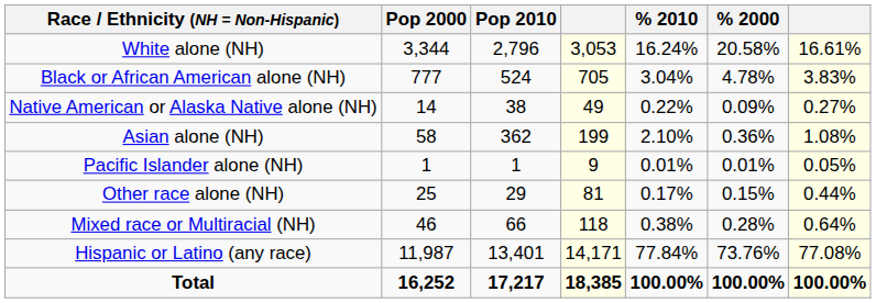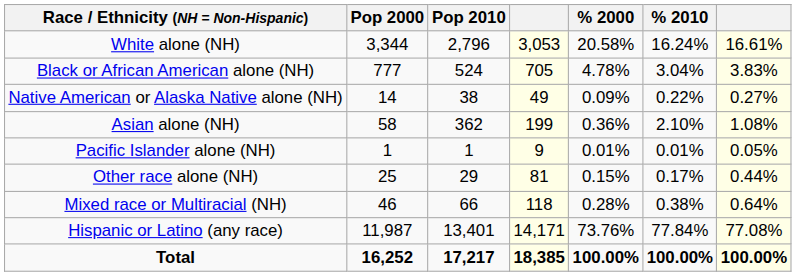 <table class="wikitable" style="text-align:center;">
 <tr>
 <th>Race / Ethnicity <small>(<em>NH = Non-Hispanic</em>)</small></th>
 <th>Pop 2000</th>
 <th>Pop 2010</th>
 <th></th>
+<th>% 2000</th>
 <th>% 2010</th>
-<th>% 2000</th>
 <th></th>
 </tr>
 <tr>
 <td><a href='#'>White</a> alone (NH)</td>
 <td>3,344</td>
 <td>2,796</td>
 <td style='background: #ffffe6;'>3,053</td>
+<td>20.58%</td>
 <td>16.24%</td>
-<td>20.58%</td>
 <td style='background: #ffffe6;'>16.61%</td>
 </tr>
 <tr>
 <td><a href='#'>Black or African American</a> alone (NH)</td>
 <td>777</td>
 <td>524</td>
 <td style='background: #ffffe6;'>705</td>
+<td>4.78%</td>
 <td>3.04%</td>
-<td>4.78%</td>
 <td style='background: #ffffe6;'>3.83%</td>
 </tr>
 <tr>
 <td><a href='#'>Native American</a> or <a href='#'>Alaska Native</a> alone (NH)</td>
 <td>14</td>
 <td>38</td>
 <td style='background: #ffffe6;'>49</td>
+<td>0.09%</td>
 <td>0.22%</td>
-<td>0.09%</td>
 <td style='background: #ffffe6;'>0.27%</td>
 </tr>
 <tr>
 <td><a href='#'>Asian</a> alone (NH)</td>
 <td>58</td>
 <td>362</td>
 <td style='background: #ffffe6;'>199</td>
+<td>0.36%</td>
 <td>2.10%</td>
-<td>0.36%</td>
 <td style='background: #ffffe6;'>1.08%</td>
 </tr>
 <tr>
 <td><a href='#'>Pacific Islander</a> alone (NH)</td>
 <td>1</td>
 <td>1</td>
 <td style='background: #ffffe6;'>9</td>
 <td>0.01%</td>
 <td>0.01%</td>
 <td style='background: #ffffe6;'>0.05%</td>
 </tr>
 <tr>
 <td><a href='#'>Other race</a> alone (NH)</td>
 <td>25</td>
 <td>29</td>
 <td style='background: #ffffe6;'>81</td>
+<td>0.15%</td>
 <td>0.17%</td>
-<td>0.15%</td>
 <td style='background: #ffffe6;'>0.44%</td>
 </tr>
 <tr>
 <td><a href='#'>Mixed race or Multiracial</a> (NH)</td>
 <td>46</td>
 <td>66</td>
 <td style='background: #ffffe6;'>118</td>
+<td>0.28%</td>
 <td>0.38%</td>
-<td>0.28%</td>
 <td style='background: #ffffe6;'>0.64%</td>
 </tr>
 <tr>
 <td><a href='#'>Hispanic or Latino</a> (any race)</td>
 <td>11,987</td>
 <td>13,401</td>
 <td style='background: #ffffe6;'>14,171</td>
+<td>73.76%</td>
 <td>77.84%</td>
-<td>73.76%</td>
 <td style='background: #ffffe6;'>77.08%</td>
 </tr>
 <tr>
 <td><strong>Total</strong></td>
 <td><strong>16,252</strong></td>
 <td><strong>17,217</strong></td>
 <td style='background: #ffffe6;'><strong>18,385</strong></td>
 <td><strong>100.00%</strong></td>
 <td><strong>100.00%</strong></td>
 <td style='background: #ffffe6;'><strong>100.00%</strong></td>
 </tr>
 </table>
